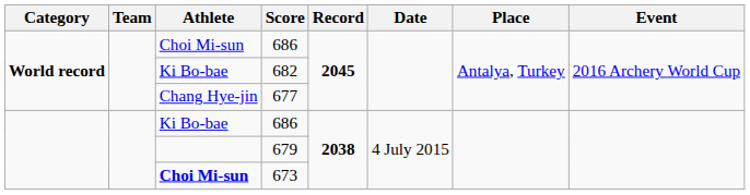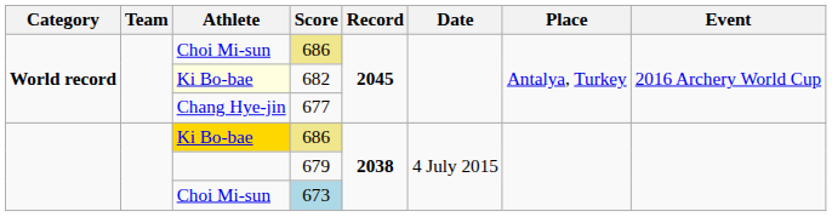 <table class="wikitable" style="text-align:center">
 <tr>
 <th>Category</th>
 <th>Team</th>
 <th>Athlete</th>
 <th>Score</th>
 <th>Record</th>
 <th>Date</th>
 <th>Place</th>
 <th>Event</th>
 </tr>
 <tr>
 <td rowspan="3"><strong>World record</strong></td>
 <td rowspan="3" align="left"></td>
 <td align="left"><a href='#'>Choi Mi-sun</a></td>
-<td>686</td>
+<td style="background: khaki;">686</td>
 <td rowspan="3"><strong>2045</strong></td>
 <td rowspan="3"></td>
 <td rowspan="3"><a href='#'>Antalya</a>, <a href='#'>Turkey</a></td>
 <td rowspan="3"><a href='#'>2016 Archery World Cup</a></td>
 </tr>
 <tr>
-<td align="left"><a href='#'>Ki Bo-bae</a></td>
+<td align="left" style="background: lightyellow;"><a href='#'>Ki Bo-bae</a></td>
 <td>682</td>
 </tr>
 <tr>
 <td align="left"><a href='#'>Chang Hye-jin</a></td>
 <td>677</td>
 </tr>
 <tr>
 <td rowspan="3"><strong></strong></td>
 <td rowspan="3" align="left"></td>
-<td align="left"><a href='#'>Ki Bo-bae</a></td>
-<td>686</td>
+<td align="left" style="background: gold;"><a href='#'>Ki Bo-bae</a></td>
+<td style="background: khaki;">686</td>
 <td rowspan="3"><strong>2038</strong></td>
 <td rowspan="3">4 July 2015</td>
 <td rowspan="3"></td>
 <td rowspan="3"></td>
 </tr>
 <tr>
 <td align="left"></td>
 <td>679</td>
 </tr>
 <tr>
-<td align="left"><strong><a href='#'>Choi Mi-sun</a></strong></td>
-<td>673</td>
+<td align="left"><a href='#'>Choi Mi-sun</a></td>
+<td style="background: lightblue;">673</td>
 </tr>
 </table>
